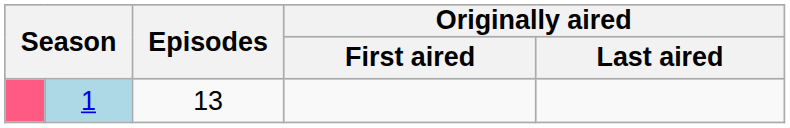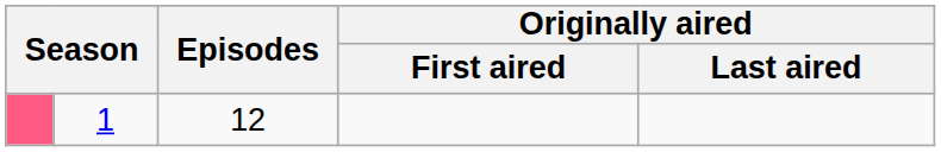 <table class="wikitable plainrowheaders" style="text-align:center;">
 <tr>
 <th scope="col" style="padding:0 9px;" rowspan="2" colspan="2">Season</th>
 <th scope="col" style="padding:0 9px;" rowspan="2">Episodes</th>
 <th scope="col" style="padding:0 90px;" colspan="2">Originally aired</th>
 </tr>
 <tr>
 <th scope="col">First aired</th>
 <th scope="col">Last aired</th>
 </tr>
 <tr>
 <td scope="row" style="background:#FF5A83; color:#100; text-align:center;"></td>
-<td style="background: lightblue;"><a href='#'>1</a></td>
-<td>13</td>
+<td><a href='#'>1</a></td>
+<td>12</td>
 <td></td>
 <td></td>
 </tr>
 </table>
